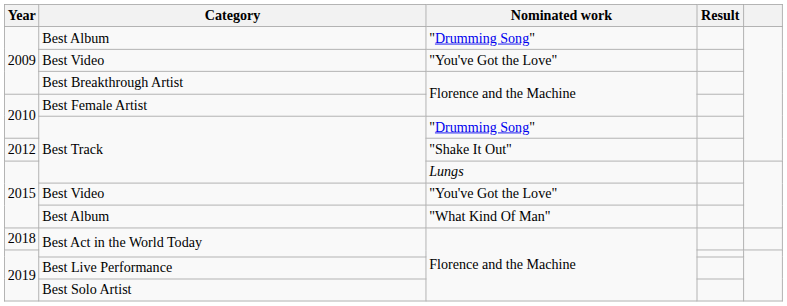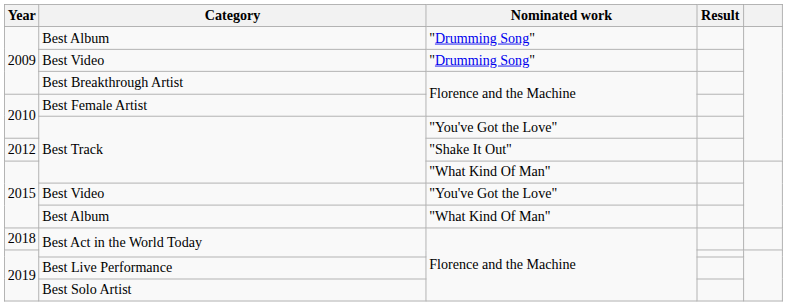 <table class="wikitable plainrowheaders" style="width:70%;">
 <tr>
 <th scope="col" style="width:4%;">Year</th>
 <th scope="col" style="width:50%;">Category</th>
 <th scope="col" style="width:35%;">Nominated work</th>
 <th scope="col" style="width:6%;">Result</th>
 <th scope="col" style="width:6%;"></th>
 </tr>
 <tr>
 <td rowspan="3">2009</td>
 <td>Best Album</td>
 <td>"<a href='#'>Drumming Song</a>"</td>
 <td></td>
 </tr>
 <tr>
 <td>Best Video</td>
-<td>"You've Got the Love"</td>
+<td>"<a href='#'>Drumming Song</a>"</td>
 <td></td>
 </tr>
 <tr>
 <td>Best Breakthrough Artist</td>
 <td rowspan="2">Florence and the Machine</td>
 <td></td>
 </tr>
 <tr>
 <td rowspan="2">2010</td>
 <td>Best Female Artist</td>
 <td></td>
 </tr>
 <tr>
 <td rowspan="3">Best Track</td>
-<td>"<a href='#'>Drumming Song</a>"</td>
+<td>"You've Got the Love"</td>
 <td></td>
 </tr>
 <tr>
 <td>2012</td>
 <td>"Shake It Out"</td>
 <td></td>
 </tr>
 <tr>
 <td rowspan="3">2015</td>
-<td><em>Lungs</em></td>
+<td>"What Kind Of Man"</td>
 <td></td>
 <td rowspan="3" style="text-align:center;"></td>
 </tr>
 <tr>
 <td>Best Video</td>
 <td>"You've Got the Love"</td>
 <td></td>
 </tr>
 <tr>
 <td>Best Album</td>
 <td>"What Kind Of Man"</td>
 <td></td>
 </tr>
 <tr>
 <td>2018</td>
 <td rowspan=2>Best Act in the World Today</td>
 <td rowspan=4>Florence and the Machine</td>
 <td></td>
 </tr>
 <tr>
 <td rowspan=3>2019</td>
 <td></td>
 <td rowspan=3></td>
 </tr>
 <tr>
 <td>Best Live Performance</td>
 <td></td>
 </tr>
 <tr>
 <td>Best Solo Artist</td>
 <td></td>
 </tr>
 </table>
